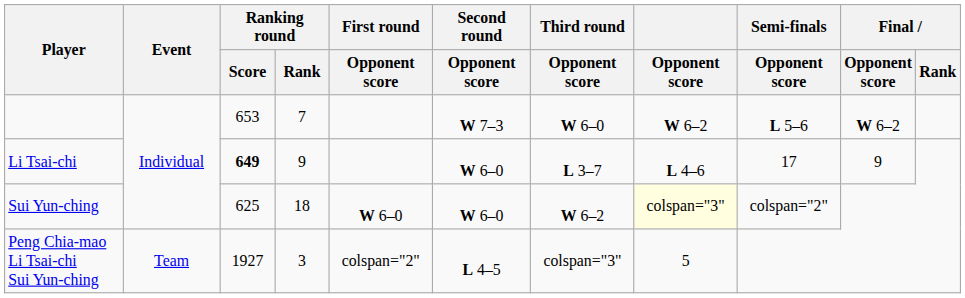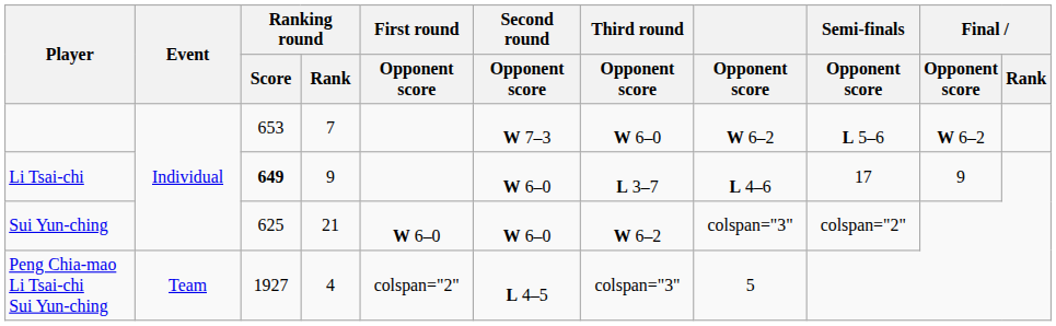 <table class="wikitable" style="font-size:90%; text-align:center">
 <tr>
 <th rowspan="2" width="150">Player</th>
 <th rowspan="2" width="100">Event</th>
 <th colspan="2">Ranking round</th>
 <th width="100">First round</th>
 <th width="100">Second round</th>
 <th width="100">Third round</th>
 <th width="100"></th>
 <th width="100">Semi-finals</th>
 <th colspan="2" width="100">Final / </th>
 </tr>
 <tr>
 <th width="50">Score</th>
 <th width="50">Rank</th>
 <th>Opponent<br>score</th>
 <th>Opponent<br>score</th>
 <th>Opponent<br>score</th>
 <th>Opponent<br>score</th>
 <th>Opponent<br>score</th>
 <th>Opponent<br>score</th>
 <th>Rank</th>
 </tr>
 <tr>
 <td align="left"></td>
 <td rowspan="3"><a href='#'>Individual</a></td>
 <td>653</td>
 <td>7</td>
 <td></td>
 <td><br><strong>W</strong> 7–3</td>
 <td><br><strong>W</strong> 6–0</td>
 <td><br><strong>W</strong> 6–2</td>
 <td><br><strong>L</strong> 5–6</td>
 <td><br><strong>W</strong> 6–2</td>
 <td></td>
 </tr>
 <tr>
 <td align="left"><a href='#'>Li Tsai-chi</a></td>
 <td><strong>649</strong></td>
 <td>9</td>
 <td></td>
 <td><br><strong>W</strong> 6–0</td>
 <td><br><strong>L</strong> 3–7</td>
 <td><br><strong>L</strong> 4–6</td>
 <td>17</td>
 <td>9</td>
 </tr>
 <tr>
 <td align="left"><a href='#'>Sui Yun-ching</a></td>
 <td>625</td>
-<td>18</td>
+<td>21</td>
 <td><br><strong>W</strong> 6–0</td>
 <td><br><strong>W</strong> 6–0</td>
 <td><br><strong>W</strong> 6–2</td>
-<td style="background: lightyellow;">colspan="3" </td>
+<td>colspan="3" </td>
 <td>colspan="2" </td>
 </tr>
 <tr>
 <td align="left"><a href='#'>Peng Chia-mao</a><br><a href='#'>Li Tsai-chi</a><br><a href='#'>Sui Yun-ching</a></td>
 <td><a href='#'>Team</a></td>
 <td>1927</td>
-<td>3</td>
+<td>4</td>
 <td>colspan="2" </td>
 <td><br><strong>L</strong> 4–5</td>
 <td>colspan="3" </td>
 <td>5</td>
 </tr>
 </table>
